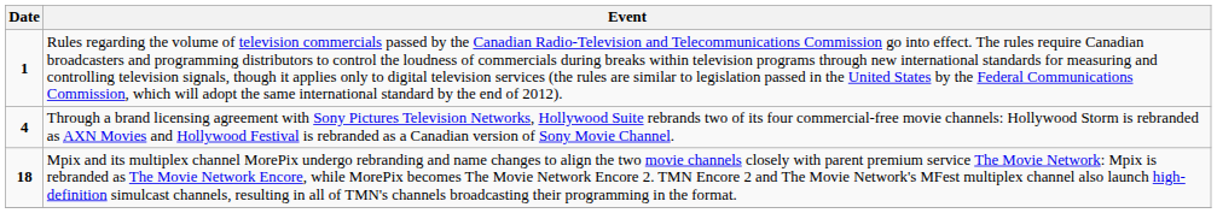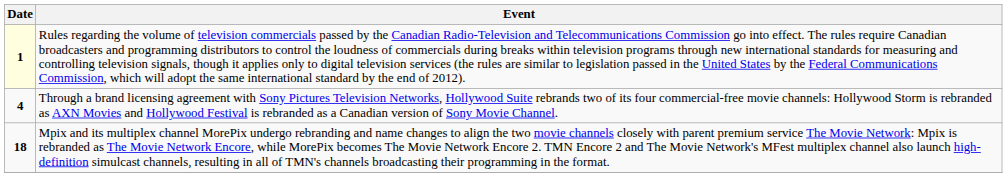 <table class="wikitable">
 <tr>
 <th>Date</th>
 <th>Event</th>
 </tr>
 <tr>
-<td style="text-align:center;"><strong>1</strong></td>
+<td style="background: lightyellow; text-align:center;"><strong>1</strong></td>
 <td>Rules regarding the volume of <a href='#'>television commercials</a> passed by the <a href='#'>Canadian Radio-Television and Telecommunications Commission</a> go into effect. The rules require Canadian broadcasters and programming distributors to control the loudness of commercials during breaks within television programs through new international standards for measuring and controlling television signals, though it applies only to digital television services (the rules are similar to legislation passed in the <a href='#'>United States</a> by the <a href='#'>Federal Communications Commission</a>, which will adopt the same international standard by the end of 2012).</td>
 </tr>
 <tr>
 <td style="text-align:center;"><strong>4</strong></td>
 <td>Through a brand licensing agreement with <a href='#'>Sony Pictures Television Networks</a>, <a href='#'>Hollywood Suite</a> rebrands two of its four commercial-free movie channels: Hollywood Storm is rebranded as <a href='#'>AXN Movies</a> and <a href='#'>Hollywood Festival</a> is rebranded as a Canadian version of <a href='#'>Sony Movie Channel</a>.</td>
 </tr>
 <tr>
 <td style="text-align:center;"><strong>18</strong></td>
 <td>Mpix and its multiplex channel MorePix undergo rebranding and name changes to align the two <a href='#'>movie channels</a> closely with parent premium service <a href='#'>The Movie Network</a>: Mpix is rebranded as <a href='#'>The Movie Network Encore</a>, while MorePix becomes The Movie Network Encore 2. TMN Encore 2 and The Movie Network's MFest multiplex channel also launch <a href='#'>high-definition</a> simulcast channels, resulting in all of TMN's channels broadcasting their programming in the format.</td>
 </tr>
 <tr>
 </tr>
 </table>
